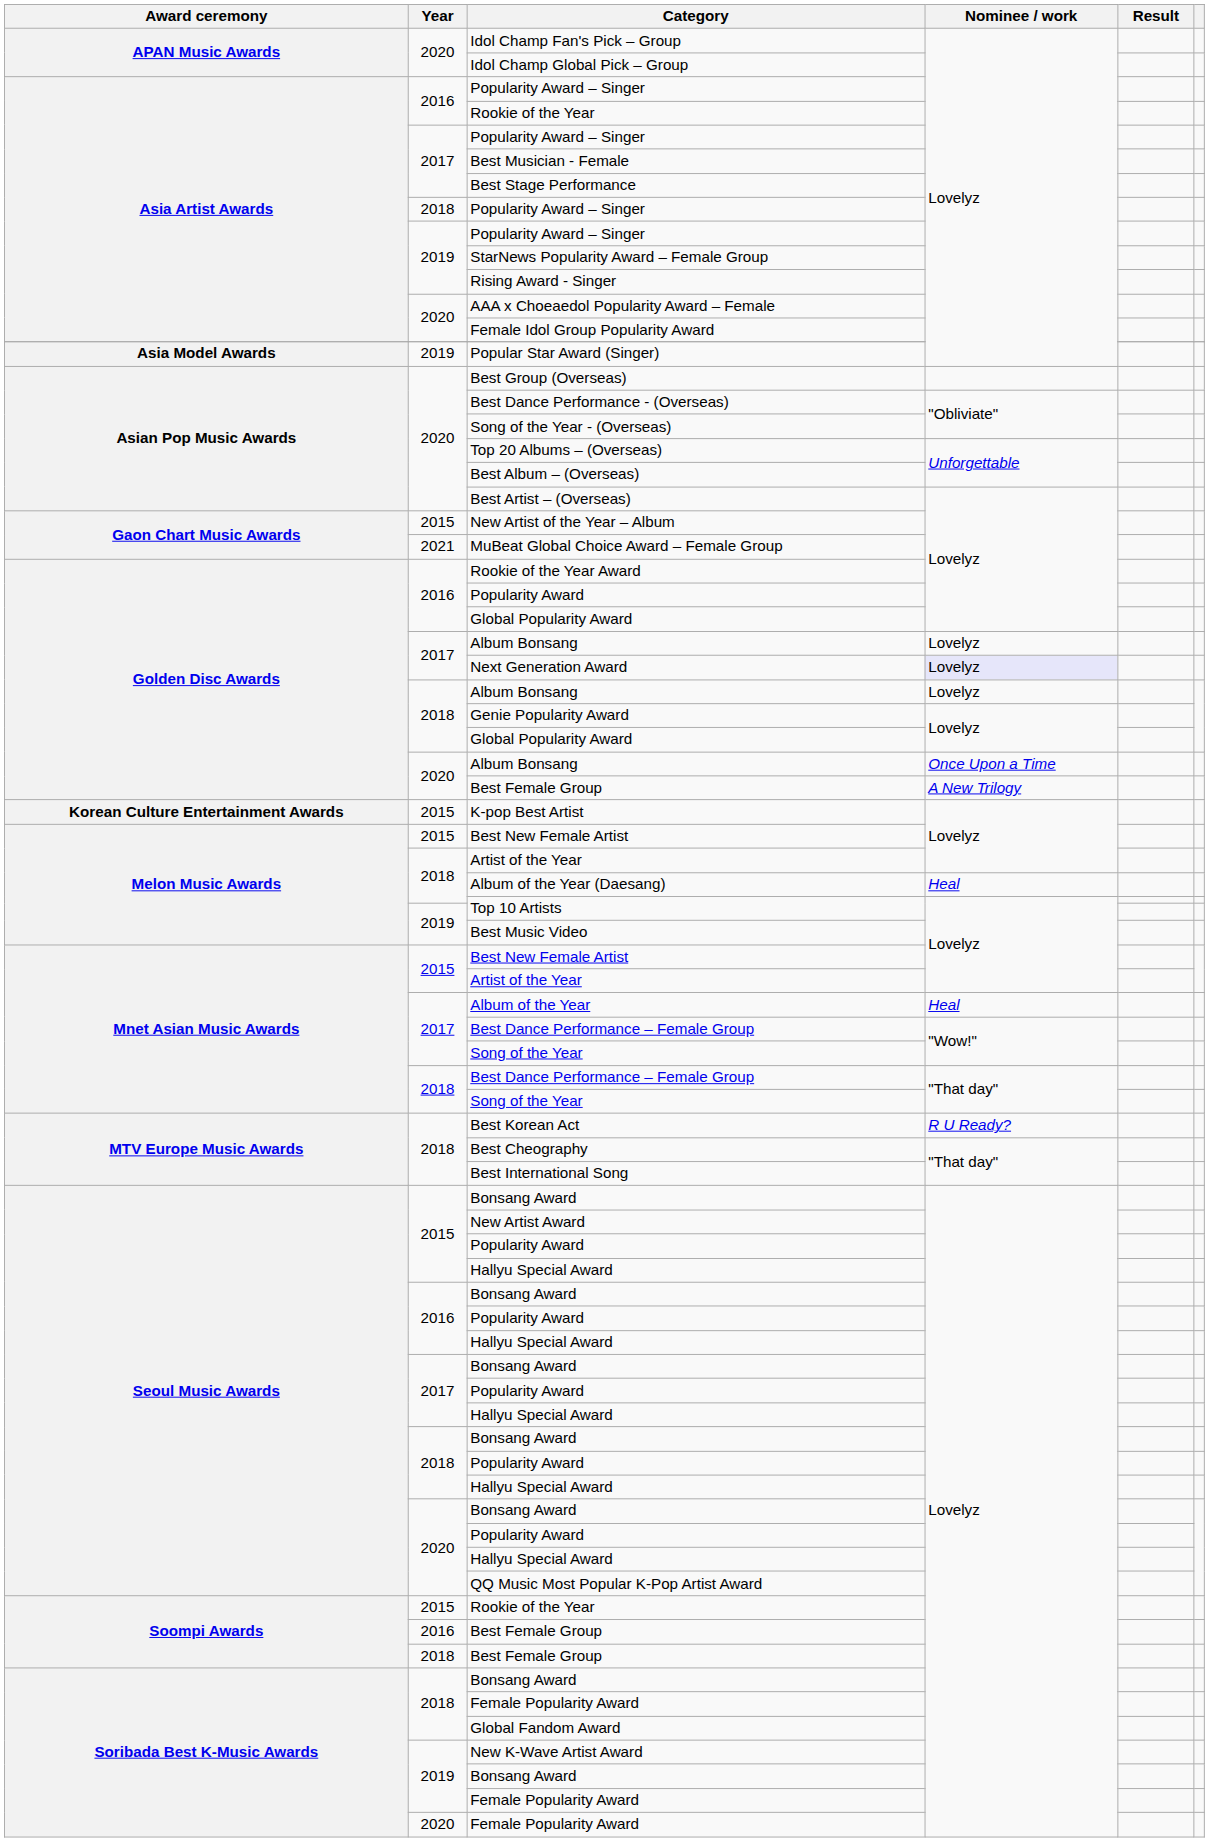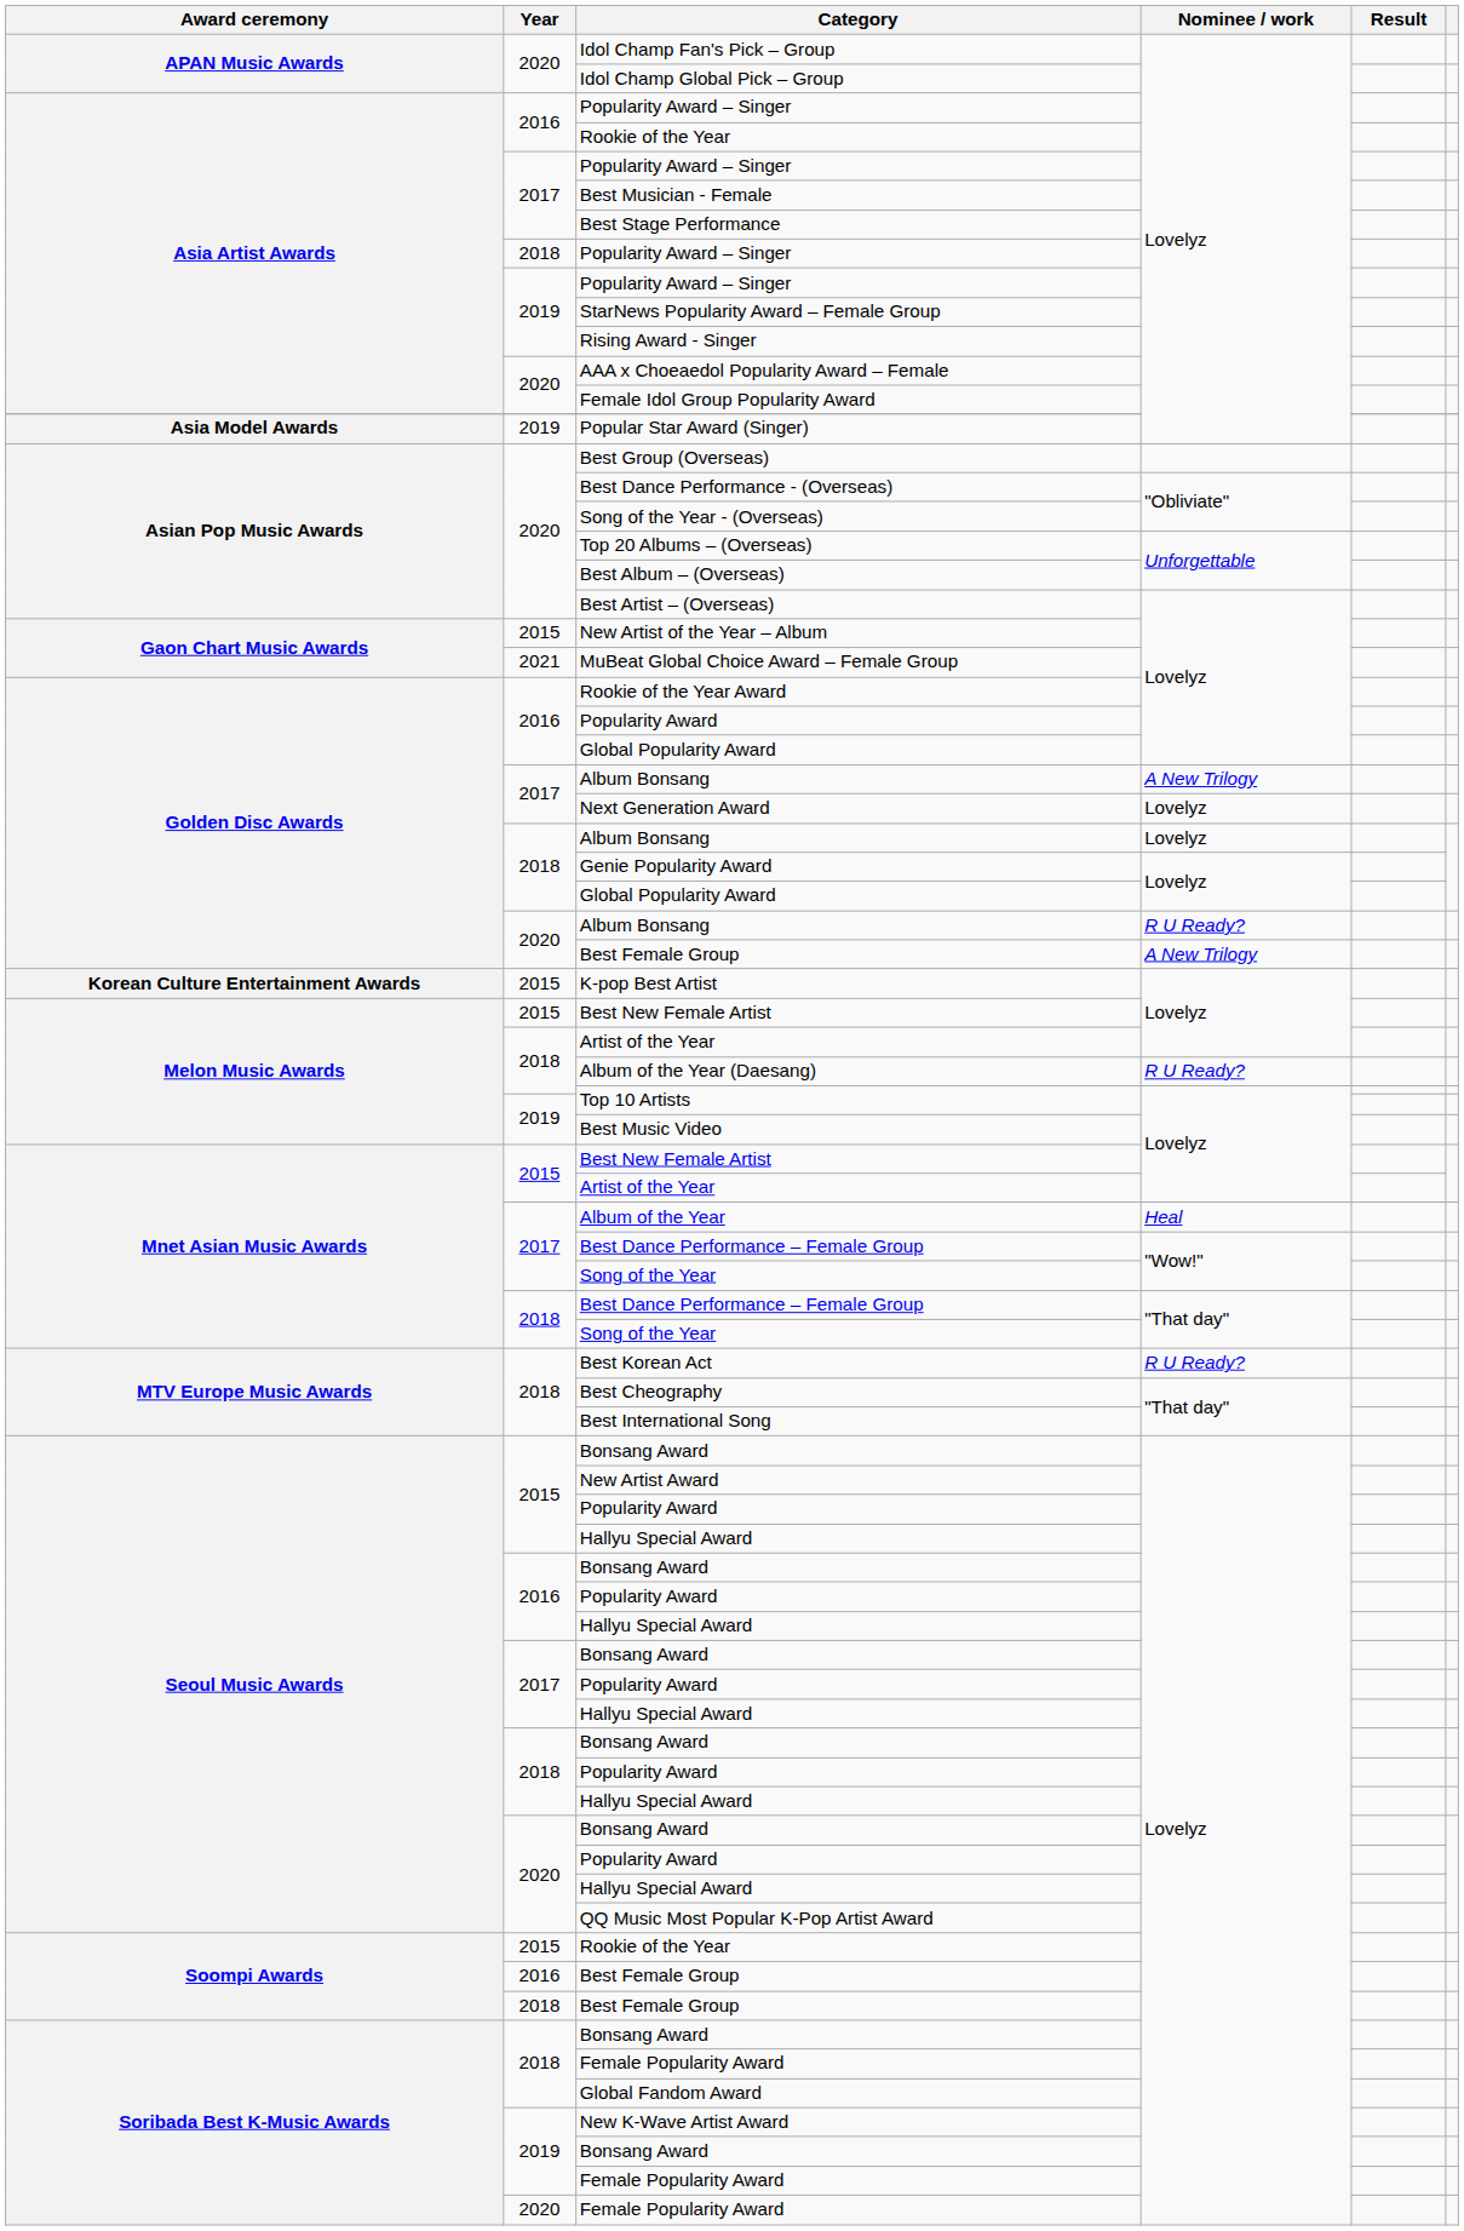 <table class="wikitable sortable plainrowheaders" style="width:100%;">
 <tr>
 <th scope="col">Award ceremony</th>
 <th scope="col">Year</th>
 <th scope="col">Category</th>
 <th scope="col">Nominee / work</th>
 <th scope="col">Result</th>
 <th scope="col" class="unsortable"></th>
 </tr>
 <tr>
 <th scope="row" rowspan="2"><a href='#'>APAN Music Awards</a> </th>
 <td rowspan="2" style="text-align:center">2020</td>
 <td>Idol Champ Fan's Pick – Group</td>
 <td rowspan="15">Lovelyz</td>
 <td></td>
 <td></td>
 </tr>
 <tr>
 <td>Idol Champ Global Pick – Group</td>
 <td></td>
 <td></td>
 </tr>
 <tr>
 <th scope="row" rowspan="11"><a href='#'>Asia Artist Awards</a></th>
 <td rowspan="2" style="text-align:center">2016</td>
 <td>Popularity Award – Singer</td>
 <td></td>
 <td></td>
 </tr>
 <tr>
 <td>Rookie of the Year</td>
 <td></td>
 <td></td>
 </tr>
 <tr>
 <td rowspan="3" style="text-align:center">2017</td>
 <td>Popularity Award – Singer</td>
 <td></td>
 <td></td>
 </tr>
 <tr>
 <td>Best Musician - Female</td>
 <td></td>
 <td></td>
 </tr>
 <tr>
 <td>Best Stage Performance</td>
 <td></td>
 <td></td>
 </tr>
 <tr>
 <td style="text-align:center">2018</td>
 <td>Popularity Award – Singer</td>
 <td></td>
 <td></td>
 </tr>
 <tr>
 <td rowspan="3" style="text-align:center">2019</td>
 <td>Popularity Award – Singer</td>
 <td></td>
 <td></td>
 </tr>
 <tr>
 <td>StarNews Popularity Award – Female Group</td>
 <td></td>
 <td></td>
 </tr>
 <tr>
 <td>Rising Award - Singer</td>
 <td></td>
 <td></td>
 </tr>
 <tr>
 <td rowspan="2" style="text-align:center">2020</td>
 <td>AAA x Choeaedol Popularity Award – Female</td>
 <td></td>
 <td style="text-align:center"></td>
 </tr>
 <tr>
 <td>Female Idol Group Popularity Award</td>
 <td></td>
 <td></td>
 </tr>
 <tr>
 </tr>
 <tr>
 <th scope="row">Asia Model Awards</th>
 <td style="text-align:center">2019</td>
 <td>Popular Star Award (Singer)</td>
 <td></td>
 <td style="text-align:center"></td>
 </tr>
 <tr>
 <th scope="row" rowspan="6">Asian Pop Music Awards</th>
 <td rowspan="6" style="text-align:center">2020</td>
 <td>Best Group (Overseas)</td>
 <td></td>
 <td></td>
 </tr>
 <tr>
 <td>Best Dance Performance - (Overseas)</td>
 <td rowspan="2">"Obliviate"</td>
 <td></td>
 <td></td>
 </tr>
 <tr>
 <td>Song of the Year - (Overseas)</td>
 <td></td>
 <td></td>
 </tr>
 <tr>
 <td>Top 20 Albums – (Overseas)</td>
 <td rowspan="2"><em><a href='#'>Unforgettable</a></em></td>
 <td></td>
 <td></td>
 </tr>
 <tr>
 <td>Best Album – (Overseas)</td>
 <td></td>
 <td></td>
 </tr>
 <tr>
 <td>Best Artist – (Overseas)</td>
 <td rowspan="6">Lovelyz</td>
 <td></td>
 <td></td>
 </tr>
 <tr>
 <th scope="row" rowspan="2"><a href='#'>Gaon Chart Music Awards</a> </th>
 <td style="text-align:center">2015</td>
 <td>New Artist of the Year – Album</td>
 <td></td>
 <td></td>
 </tr>
 <tr>
 <td style="text-align:center">2021</td>
 <td>MuBeat Global Choice Award – Female Group</td>
 <td></td>
 <td style="text-align:center"></td>
 </tr>
 <tr>
 <th scope="row" rowspan="10"><a href='#'>Golden Disc Awards</a></th>
 <td rowspan="3" style="text-align:center">2016</td>
 <td>Rookie of the Year Award</td>
 <td></td>
 <td style="text-align:center"></td>
 </tr>
 <tr>
 <td>Popularity Award</td>
 <td></td>
 <td style="text-align:center"></td>
 </tr>
 <tr>
 <td>Global Popularity Award</td>
 <td></td>
 <td style="text-align:center"></td>
 </tr>
 <tr>
 <td rowspan="2" style="text-align:center">2017</td>
 <td>Album Bonsang</td>
-<td>Lovelyz</td>
+<td><em><a href='#'>A New Trilogy</a></em></td>
 <td></td>
 <td></td>
 </tr>
 <tr>
 <td>Next Generation Award</td>
-<td style="background: lavender;">Lovelyz</td>
+<td>Lovelyz</td>
 <td></td>
 <td></td>
 </tr>
 <tr>
 <td rowspan="3" style="text-align:center">2018</td>
 <td>Album Bonsang</td>
 <td>Lovelyz</td>
 <td></td>
 <td rowspan="3" style="text-align:center"></td>
 </tr>
 <tr>
 <td>Genie Popularity Award</td>
 <td rowspan="2">Lovelyz</td>
 <td></td>
 </tr>
 <tr>
 <td>Global Popularity Award</td>
 <td></td>
 </tr>
 <tr>
 <td rowspan="2" style="text-align:center">2020</td>
 <td>Album Bonsang</td>
-<td><em><a href='#'>Once Upon a Time</a></em></td>
+<td><em><a href='#'>R U Ready?</a></em></td>
 <td></td>
 <td></td>
 </tr>
 <tr>
 <td>Best Female Group</td>
 <td><em><a href='#'>A New Trilogy</a></em></td>
 <td></td>
 <td></td>
 </tr>
 <tr>
 <th scope="row">Korean Culture Entertainment Awards </th>
 <td style="text-align:center">2015</td>
 <td>K-pop Best Artist</td>
 <td rowspan="3">Lovelyz</td>
 <td></td>
 <td style="text-align:center"></td>
 </tr>
 <tr>
 <th scope="row" rowspan="6"><a href='#'>Melon Music Awards</a> </th>
 <td style="text-align:center">2015</td>
 <td>Best New Female Artist</td>
 <td></td>
 <td></td>
 </tr>
 <tr>
 <td rowspan="3" style="text-align:center">2018</td>
 <td>Artist of the Year</td>
 <td></td>
 <td></td>
 </tr>
 <tr>
 <td>Album of the Year (Daesang)</td>
-<td><em><a href='#'>Heal</a></em></td>
+<td><em><a href='#'>R U Ready?</a></em></td>
 <td></td>
 <td></td>
 </tr>
 <tr>
 <td rowspan="2">Top 10 Artists</td>
 <td rowspan="5">Lovelyz</td>
 <td></td>
 <td></td>
 </tr>
 <tr>
 <td rowspan="2" style="text-align:center">2019</td>
 <td></td>
 <td></td>
 </tr>
 <tr>
 <td>Best Music Video</td>
 <td></td>
 <td></td>
 </tr>
 <tr>
 <th scope="row" rowspan="7"><a href='#'>Mnet Asian Music Awards</a></th>
 <td rowspan="2" style="text-align:center"><a href='#'>2015</a></td>
 <td><a href='#'>Best New Female Artist</a></td>
 <td></td>
 <td rowspan="2" style="text-align:center"></td>
 </tr>
 <tr>
 <td><a href='#'>Artist of the Year</a></td>
 <td></td>
 </tr>
 <tr>
 <td rowspan="3" style="text-align:center"><a href='#'>2017</a></td>
 <td><a href='#'>Album of the Year</a></td>
 <td><em><a href='#'>Heal</a></em></td>
 <td></td>
 <td></td>
 </tr>
 <tr>
 <td><a href='#'>Best Dance Performance – Female Group</a></td>
 <td rowspan="2">"Wow!"</td>
 <td></td>
 <td></td>
 </tr>
 <tr>
 <td><a href='#'>Song of the Year</a></td>
 <td></td>
 <td></td>
 </tr>
 <tr>
 <td rowspan="2" style="text-align:center"><a href='#'>2018</a></td>
 <td><a href='#'>Best Dance Performance – Female Group</a></td>
 <td rowspan="2">"That day"</td>
 <td></td>
 <td style="text-align:center"></td>
 </tr>
 <tr>
 <td><a href='#'>Song of the Year</a></td>
 <td></td>
 <td style="text-align:center"></td>
 </tr>
 <tr>
 <th scope="row" rowspan="3"><a href='#'>MTV Europe Music Awards</a></th>
 <td rowspan="3" style="text-align:center">2018</td>
 <td>Best Korean Act</td>
 <td><em><a href='#'>R U Ready?</a></em></td>
 <td></td>
 <td></td>
 </tr>
 <tr>
 <td>Best Cheography</td>
 <td rowspan="2">"That day"</td>
 <td></td>
 <td></td>
 </tr>
 <tr>
 <td>Best International Song</td>
 <td></td>
 <td></td>
 </tr>
 <tr>
 <th scope="row" rowspan="17"><a href='#'>Seoul Music Awards</a> </th>
 <td rowspan="4" style="text-align:center">2015</td>
 <td>Bonsang Award</td>
 <td rowspan="27">Lovelyz</td>
 <td></td>
 <td style="text-align:center"></td>
 </tr>
 <tr>
 <td>New Artist Award</td>
 <td></td>
 <td style="text-align:center"></td>
 </tr>
 <tr>
 <td>Popularity Award</td>
 <td></td>
 <td style="text-align:center"></td>
 </tr>
 <tr>
 <td>Hallyu Special Award</td>
 <td></td>
 <td style="text-align:center"></td>
 </tr>
 <tr>
 <td rowspan="3" style="text-align:center">2016</td>
 <td>Bonsang Award</td>
 <td></td>
 <td style="text-align:center"></td>
 </tr>
 <tr>
 <td>Popularity Award</td>
 <td></td>
 <td style="text-align:center"></td>
 </tr>
 <tr>
 <td>Hallyu Special Award</td>
 <td></td>
 <td style="text-align:center"></td>
 </tr>
 <tr>
 <td rowspan="3" style="text-align:center">2017</td>
 <td>Bonsang Award</td>
 <td></td>
 <td style="text-align:center"></td>
 </tr>
 <tr>
 <td>Popularity Award</td>
 <td></td>
 <td style="text-align:center"></td>
 </tr>
 <tr>
 <td>Hallyu Special Award</td>
 <td></td>
 <td style="text-align:center"></td>
 </tr>
 <tr>
 <td rowspan="3" style="text-align:center">2018</td>
 <td>Bonsang Award</td>
 <td></td>
 <td style="text-align:center"></td>
 </tr>
 <tr>
 <td>Popularity Award</td>
 <td></td>
 <td style="text-align:center"></td>
 </tr>
 <tr>
 <td>Hallyu Special Award</td>
 <td></td>
 <td style="text-align:center"></td>
 </tr>
 <tr>
 <td rowspan="4" style="text-align:center">2020</td>
 <td>Bonsang Award</td>
 <td></td>
 <td rowspan="4" style="text-align:center;"></td>
 </tr>
 <tr>
 <td>Popularity Award</td>
 <td></td>
 </tr>
 <tr>
 <td>Hallyu Special Award</td>
 <td></td>
 </tr>
 <tr>
 <td>QQ Music Most Popular K-Pop Artist Award</td>
 <td></td>
 </tr>
 <tr>
 <th scope="row" rowspan="3"><a href='#'>Soompi Awards</a></th>
 <td style="text-align:center">2015</td>
 <td>Rookie of the Year</td>
 <td></td>
 <td style="text-align:center"></td>
 </tr>
 <tr>
 <td style="text-align:center">2016</td>
 <td>Best Female Group</td>
 <td></td>
 <td style="text-align:center"></td>
 </tr>
 <tr>
 <td style="text-align:center">2018</td>
 <td>Best Female Group</td>
 <td></td>
 <td style="text-align:center"></td>
 </tr>
 <tr>
 <th scope="row" rowspan="7"><a href='#'>Soribada Best K-Music Awards</a></th>
 <td rowspan="3" style="text-align:center">2018</td>
 <td>Bonsang Award</td>
 <td></td>
 <td style="text-align:center"></td>
 </tr>
 <tr>
 <td>Female Popularity Award</td>
 <td></td>
 <td style="text-align:center"></td>
 </tr>
 <tr>
 <td>Global Fandom Award</td>
 <td></td>
 <td style="text-align:center"></td>
 </tr>
 <tr>
 <td rowspan="3" style="text-align:center">2019</td>
 <td>New K-Wave Artist Award</td>
 <td></td>
 <td style="text-align:center"></td>
 </tr>
 <tr>
 <td>Bonsang Award</td>
 <td></td>
 <td style="text-align:center"></td>
 </tr>
 <tr>
 <td>Female Popularity Award</td>
 <td></td>
 <td style="text-align:center"></td>
 </tr>
 <tr>
 <td style="text-align:center">2020</td>
 <td>Female Popularity Award</td>
 <td></td>
 <td style="text-align:center"></td>
 </tr>
 </table>
